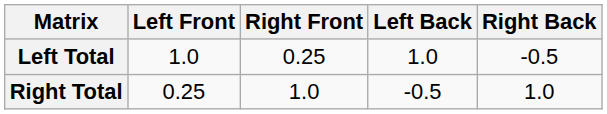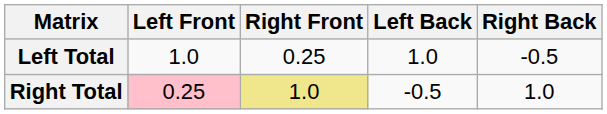 <table class="wikitable" style="text-align:center">
 <tr>
 <th>Matrix</th>
 <th>Left Front</th>
 <th>Right Front</th>
 <th>Left Back</th>
 <th>Right Back</th>
 </tr>
 <tr>
 <th>Left Total</th>
 <td>1.0</td>
 <td>0.25</td>
 <td>1.0</td>
 <td>-0.5</td>
 </tr>
 <tr>
 <th>Right Total</th>
-<td>0.25</td>
-<td>1.0</td>
+<td style="background: pink;">0.25</td>
+<td style="background: khaki;">1.0</td>
 <td>-0.5</td>
 <td>1.0</td>
 </tr>
 </table>
